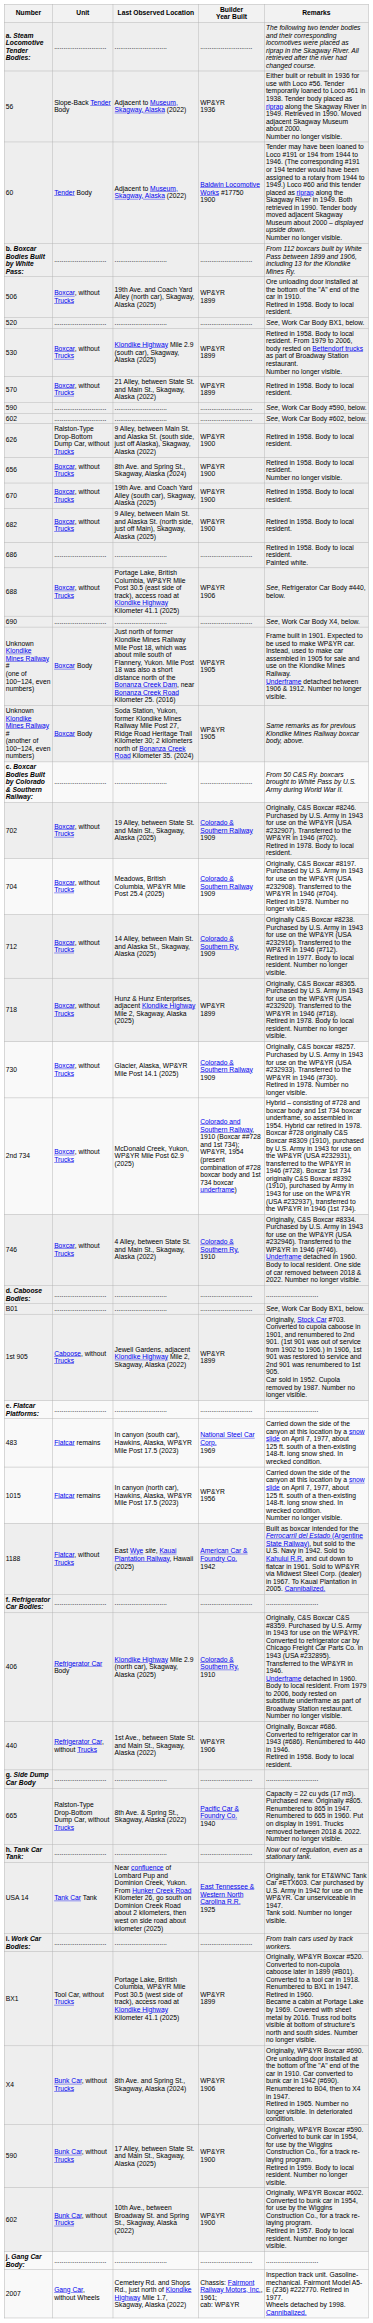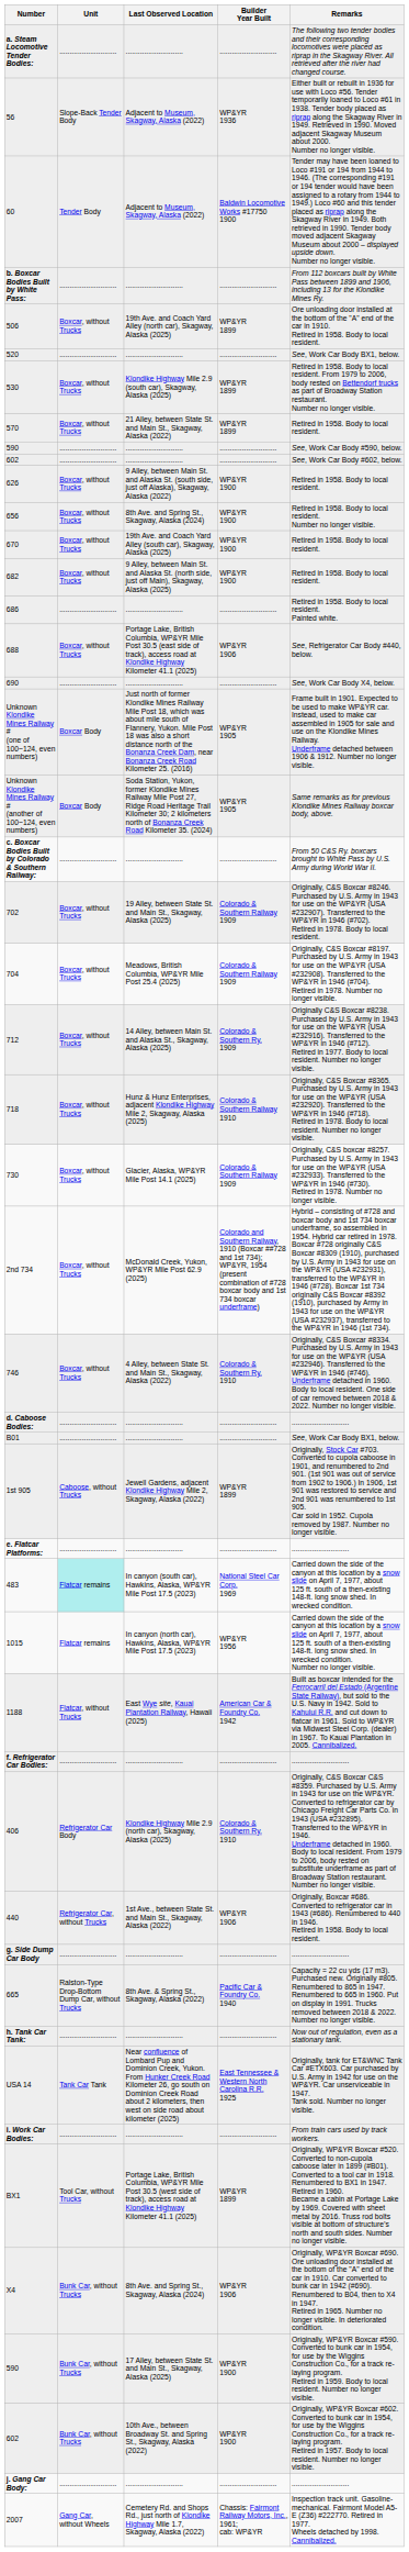 <table class="wikitable">
 <tr>
 <th>Number</th>
 <th>Unit</th>
 <th>Last Observed Location</th>
 <th>Builder<br>Year Built</th>
 <th>Remarks</th>
 </tr>
 <tr bgcolor=#EEEEEE>
 <td><strong>a.  <em>Steam Locomotive Tender Bodies:</em> </strong></td>
 <td>............................</td>
 <td>............................</td>
 <td>............................</td>
 <td><em>The following two tender bodies and their corresponding locomotives were placed as riprap in the Skagway River. All retrieved after the river had changed course.</em></td>
 </tr>
 <tr bgcolor=#EEEEEE>
 <td>56</td>
 <td>Slope-Back <a href='#'>Tender</a> Body</td>
 <td>Adjacent to <a href='#'>Museum, Skagway, Alaska</a> (2022)</td>
 <td>WP&YR<br>1936</td>
 <td>Either built or rebuilt in 1936 for use with Loco #56.  Tender temporarily loaned to Loco #61 in 1938.  Tender body placed as <a href='#'>riprap</a> along the Skagway River in 1949.  Retrieved in 1990.  Moved adjacent Skagway Museum about 2000.<br>Number no longer visible.</td>
 </tr>
 <tr bgcolor=#EEEEEE>
 <td>60</td>
 <td><a href='#'>Tender</a> Body</td>
 <td>Adjacent to <a href='#'>Museum, Skagway, Alaska</a> (2022)</td>
 <td><a href='#'>Baldwin Locomotive Works</a> #17750<br>1900</td>
 <td>Tender may have been loaned to Loco #191 or 194 from 1944 to 1946. (The corresponding #191 or 194 tender would have been assigned to a rotary from 1944 to 1949.)  Loco #60 and this tender placed as <a href='#'>riprap</a> along the Skagway River in 1949. Both retrieved in 1990. Tender body moved adjacent Skagway Museum about 2000 – <em>displayed upside down</em>.<br>Number no longer visible.</td>
 </tr>
 <tr bgcolor=#EEEEEE>
 <td><strong>b.  <em>Boxcar Bodies Built by White Pass:</em> </strong></td>
 <td>............................</td>
 <td>............................</td>
 <td>............................</td>
 <td><em>From 112 boxcars built by White Pass between 1899 and 1906, including 13 for the Klondike Mines Ry.</em></td>
 </tr>
 <tr bgcolor=#EEEEEE>
 <td>506</td>
 <td><a href='#'>Boxcar</a>, without <a href='#'>Trucks</a></td>
 <td>19th Ave. and Coach Yard Alley (north car), Skagway, Alaska (2025)</td>
 <td>WP&YR<br>1899</td>
 <td>Ore unloading door installed at the bottom of the "A" end of the car in 1910.<br>Retired in 1958. Body to local resident.</td>
 </tr>
 <tr bgcolor=#EEEEEE>
 <td>520</td>
 <td>............................</td>
 <td>............................</td>
 <td>............................</td>
 <td><em>See</em>, Work Car Body BX1, below.</td>
 </tr>
 <tr bgcolor=#EEEEEE>
 <td>530</td>
 <td><a href='#'>Boxcar</a>, without <a href='#'>Trucks</a></td>
 <td><a href='#'>Klondike Highway</a> Mile 2.9 (south car), Skagway, Alaska (2025)</td>
 <td>WP&YR<br>1899</td>
 <td>Retired in 1958.  Body to local resident.  From 1979 to 2006, body rested on <a href='#'>Bettendorf trucks</a> as part of Broadway Station restaurant.<br>Number no longer visible.</td>
 </tr>
 <tr bgcolor=#EEEEEE>
 <td>570</td>
 <td><a href='#'>Boxcar</a>, without <a href='#'>Trucks</a></td>
 <td>21 Alley, between State St. and Main St., Skagway, Alaska (2022)</td>
 <td>WP&YR<br>1899</td>
 <td>Retired in 1958.  Body to local resident.</td>
 </tr>
 <tr bgcolor=#EEEEEE>
 <td>590</td>
 <td>............................</td>
 <td>............................</td>
 <td>............................</td>
 <td><em>See</em>, Work Car Body #590, below.</td>
 </tr>
 <tr bgcolor=#EEEEEE>
 <td>602</td>
 <td>............................</td>
 <td>............................</td>
 <td>............................</td>
 <td><em>See</em>, Work Car Body #602, below.</td>
 </tr>
 <tr bgcolor=#EEEEEE>
 <td>626</td>
-<td>Ralston-Type Drop-Bottom Dump Car, without <a href='#'>Trucks</a></td>
+<td><a href='#'>Boxcar</a>, without <a href='#'>Trucks</a></td>
 <td>9 Alley, between Main St. and Alaska St. (south side, just off Alaska), Skagway, Alaska (2022)</td>
 <td>WP&YR<br>1900</td>
 <td>Retired in 1958.  Body to local resident.</td>
 </tr>
 <tr bgcolor=#EEEEEE>
 <td>656</td>
 <td><a href='#'>Boxcar</a>, without <a href='#'>Trucks</a></td>
 <td>8th Ave. and Spring St., Skagway, Alaska (2024)</td>
 <td>WP&YR<br>1900</td>
 <td>Retired in 1958.  Body to local resident.<br>Number no longer visible.</td>
 </tr>
 <tr bgcolor=#EEEEEE>
 <td>670</td>
 <td><a href='#'>Boxcar</a>, without <a href='#'>Trucks</a></td>
 <td>19th Ave. and Coach Yard Alley (south car), Skagway, Alaska (2025)</td>
 <td>WP&YR<br>1900</td>
 <td>Retired in 1958.  Body to local resident.</td>
 </tr>
 <tr bgcolor=#EEEEEE>
 <td>682</td>
 <td><a href='#'>Boxcar</a>, without <a href='#'>Trucks</a></td>
 <td>9 Alley, between Main St. and Alaska St. (north side, just off Main), Skagway, Alaska (2025)</td>
 <td>WP&YR<br>1900</td>
 <td>Retired in 1958.  Body to local resident.</td>
 </tr>
 <tr bgcolor=#EEEEEE>
 <td>686</td>
 <td>............................</td>
 <td>............................</td>
 <td>............................</td>
 <td>Retired in 1958.  Body to local resident.<br>Painted white.</td>
 </tr>
 <tr bgcolor=#EEEEEE>
 <td>688</td>
 <td><a href='#'>Boxcar</a>, without <a href='#'>Trucks</a></td>
 <td>Portage Lake, British Columbia, WP&YR Mile Post 30.5 (east side of track), access road at <a href='#'>Klondike Highway</a> Kilometer 41.1 (2025)</td>
 <td>WP&YR<br>1906</td>
 <td><em>See</em>, Refrigerator Car Body #440, below.</td>
 </tr>
 <tr bgcolor=#EEEEEE>
 <td>690</td>
 <td>............................</td>
 <td>............................</td>
 <td>............................</td>
 <td><em>See</em>, Work Car Body X4, below.</td>
 </tr>
 <tr bgcolor=#EEEEEE>
 <td>Unknown <a href='#'>Klondike Mines Railway</a> #<br>(one of 100~124, even numbers)</td>
 <td><a href='#'>Boxcar</a> Body</td>
 <td>Just north of former Klondike Mines Railway Mile Post 18, which was about  mile south of Flannery, Yukon.  Mile Post 18 was also a short distance north of the <a href='#'>Bonanza Creek Dam</a>, near <a href='#'>Bonanza Creek Road</a> Kilometer 25. (2016)</td>
 <td>WP&YR<br>1905</td>
 <td>Frame built in 1901. Expected to be used to make WP&YR car. Instead, used to make car assembled in 1905 for sale and use on the Klondike Mines Railway.<br><a href='#'>Underframe</a> detached between 1906 & 1912.  Number no longer visible.</td>
 </tr>
 <tr bgcolor=#EEEEEE>
 <td>Unknown <a href='#'>Klondike Mines Railway</a> #<br>(another of 100~124, even numbers)</td>
 <td><a href='#'>Boxcar</a> Body</td>
 <td>Soda Station, Yukon, former Klondike Mines Railway Mile Post 27, Ridge Road Heritage Trail Kilometer 30; 2 kilometers north of <a href='#'>Bonanza Creek Road</a> Kilometer 35. (2024)</td>
 <td>WP&YR<br>1905</td>
 <td><em>Same remarks as for previous Klondike Mines Railway boxcar body, above.</em></td>
 </tr>
 <tr>
 <td><strong>c.  <em>Boxcar Bodies Built by Colorado & Southern Railway:</em> </strong></td>
 <td>............................</td>
 <td>............................</td>
 <td>............................</td>
 <td><em>From 50 C&S Ry. boxcars brought to White Pass by U.S. Army during World War II.</em></td>
 </tr>
 <tr bgcolor=#EEEEEE>
 <td>702</td>
 <td><a href='#'>Boxcar</a>, without <a href='#'>Trucks</a></td>
 <td>19 Alley, between State St. and Main St., Skagway, Alaska (2025)</td>
 <td><a href='#'>Colorado & Southern Railway</a><br>1909</td>
 <td>Originally, C&S Boxcar #8246. Purchased by U.S. Army in 1943 for use on the WP&YR (USA #232907). Transferred to the WP&YR in 1946 (#702).<br>Retired in 1978. Body to local resident.</td>
 </tr>
 <tr>
 <td>704</td>
 <td><a href='#'>Boxcar</a>, without <a href='#'>Trucks</a></td>
 <td>Meadows, British Columbia, WP&YR Mile Post 25.4 (2025)</td>
 <td><a href='#'>Colorado & Southern Railway</a><br>1909</td>
 <td>Originally, C&S Boxcar #8197. Purchased by U.S. Army in 1943 for use on the WP&YR (USA #232908). Transferred to the WP&YR in 1946 (#704).<br>Retired in 1978.  Number no longer visible.</td>
 </tr>
 <tr bgcolor=#EEEEEE>
 <td>712</td>
 <td><a href='#'>Boxcar</a>, without <a href='#'>Trucks</a></td>
 <td>14 Alley, between Main St. and Alaska St., Skagway, Alaska (2025)</td>
 <td><a href='#'>Colorado & Southern Ry.</a><br>1909</td>
 <td>Originally C&S Boxcar #8238. Purchased by U.S. Army in 1943 for use on the WP&YR (USA #232916). Transferred to the WP&YR in 1946 (#712).<br>Retired in 1977. Body to local resident.  Number no longer visible.</td>
 </tr>
 <tr bgcolor=#EEEEEE>
 <td>718</td>
 <td><a href='#'>Boxcar</a>, without <a href='#'>Trucks</a></td>
 <td>Hunz & Hunz Enterprises, adjacent <a href='#'>Klondike Highway</a> Mile 2, Skagway, Alaska (2025)</td>
-<td>WP&YR<br>1899</td>
+<td><a href='#'>Colorado & Southern Railway</a><br>1910</td>
 <td>Originally, C&S Boxcar #8365. Purchased by U.S. Army in 1943 for use on the WP&YR (USA #232920). Transferred to the WP&YR in 1946 (#718).<br>Retired in 1978. Body to local resident.  Number no longer visible.</td>
 </tr>
 <tr>
 <td>730</td>
 <td><a href='#'>Boxcar</a>, without <a href='#'>Trucks</a></td>
 <td>Glacier, Alaska, WP&YR Mile Post 14.1 (2025)</td>
 <td><a href='#'>Colorado & Southern Railway</a><br>1909</td>
 <td>Originally, C&S boxcar #8257. Purchased by U.S. Army in 1943 for use on the WP&YR (USA #232933). Transferred to the WP&YR in 1946 (#730).<br>Retired in 1978.  Number no longer visible.</td>
 </tr>
 <tr>
 <td>2nd 734</td>
 <td><a href='#'>Boxcar</a>, without <a href='#'>Trucks</a></td>
 <td>McDonald Creek, Yukon, WP&YR Mile Post 62.9 (2025)</td>
 <td><a href='#'>Colorado and Southern Railway</a>, 1910 (Boxcar ##728 and 1st 734);<br>WP&YR, 1954 (present combination of #728 boxcar body and 1st 734 boxcar <a href='#'>underframe</a>)</td>
 <td>Hybrid – consisting of #728 and boxcar body and 1st 734 boxcar  underframe, so assembled in 1954.  Hybrid car retired in 1978.<br>Boxcar #728 originally C&S Boxcar #8309 (1910), purchased by U.S. Army in 1943 for use on the WP&YR (USA #232931), transferred to the WP&YR in 1946 (#728).  Boxcar 1st 734 originally C&S Boxcar #8392 (1910), purchased by Army in 1943 for use on the WP&YR (USA #232937), transferred to the WP&YR in 1946 (1st 734).</td>
 </tr>
 <tr bgcolor=#EEEEEE>
 <td>746</td>
 <td><a href='#'>Boxcar</a>, without <a href='#'>Trucks</a></td>
 <td>4 Alley, between State St. and Main St., Skagway, Alaska (2022)</td>
 <td><a href='#'>Colorado & Southern Ry.</a><br>1910</td>
 <td>Originally, C&S Boxcar #8334. Purchased by U.S. Army in 1943 for use on the WP&YR (USA #232946).  Transferred to the WP&YR in 1946 (#746).<br><a href='#'>Underframe</a> detached in 1960. Body to local resident. One side of car removed between 2018 & 2022.  Number no longer visible.</td>
 </tr>
 <tr bgcolor=#EEEEEE>
 <td><strong>d.  <em>Caboose Bodies:</em> </strong></td>
 <td>............................</td>
 <td>............................</td>
 <td>............................</td>
 <td>............................</td>
 </tr>
 <tr bgcolor=#EEEEEE>
 <td>B01</td>
 <td>............................</td>
 <td>............................</td>
 <td>............................</td>
 <td><em>See</em>, Work Car Body BX1, below.</td>
 </tr>
 <tr bgcolor=#EEEEEE>
 <td>1st 905</td>
 <td><a href='#'>Caboose</a>, without <a href='#'>Trucks</a></td>
 <td>Jewell Gardens, adjacent <a href='#'>Klondike Highway</a> Mile 2, Skagway, Alaska (2022)</td>
 <td>WP&YR<br>1899</td>
 <td>Originally, <a href='#'>Stock Car</a> #703. Converted to cupola caboose in 1901, and renumbered to 2nd 901. (1st 901 was out of service from 1902 to 1906.) In 1906, 1st 901 was restored to service and 2nd 901 was renumbered to 1st 905.<br>Car sold in 1952. Cupola removed by 1987.  Number no longer visible.</td>
 </tr>
 <tr>
 <td><strong>e.  <em>Flatcar Platforms:</em> </strong></td>
 <td>............................</td>
 <td>............................</td>
 <td>............................</td>
 <td>............................</td>
 </tr>
 <tr>
 <td>483</td>
-<td><a href='#'>Flatcar</a> remains</td>
+<td style="background: paleturquoise;"><a href='#'>Flatcar</a> remains</td>
 <td>In canyon (south car), Hawkins, Alaska, WP&YR Mile Post 17.5 (2023)</td>
 <td><a href='#'>National Steel Car Corp.</a><br>1969</td>
 <td>Carried down the side of the canyon at this location by a <a href='#'>snow slide</a> on April 7, 1977, about 125 ft. south of a then-existing 148-ft. long snow shed. In wrecked condition.</td>
 </tr>
 <tr>
 <td>1015</td>
 <td><a href='#'>Flatcar</a> remains</td>
 <td>In canyon (north car), Hawkins, Alaska, WP&YR Mile Post 17.5 (2023)</td>
 <td>WP&YR<br>1956</td>
 <td>Carried down the side of the canyon at this location by a <a href='#'>snow slide</a> on April 7, 1977, about 125 ft. south of a then-existing 148-ft. long snow shed.  In wrecked condition.<br>Number no longer visible.</td>
 </tr>
 <tr bgcolor=#EEEEEE>
 <td>1188</td>
 <td><a href='#'>Flatcar</a>, without <a href='#'>Trucks</a></td>
 <td>East <a href='#'>Wye</a> <em>site</em>, <a href='#'>Kauai Plantation Railway</a>, Hawaii (2025)</td>
 <td><a href='#'>American Car & Foundry Co.</a><br>1942</td>
 <td>Built as boxcar intended for the <a href='#'><em>Ferrocarril del Estado</em> (Argentine State Railway)</a>, but sold to the U.S. Navy in 1942. Sold to <a href='#'>Kahului R.R.</a> and cut down to flatcar in 1961. Sold to WP&YR via Midwest Steel Corp. (dealer) in 1967. To Kauai Plantation in 2005. <a href='#'>Cannibalized.</a></td>
 </tr>
 <tr bgcolor=#EEEEEE>
 <td><strong>f.  <em>Refrigerator Car Bodies:</em> </strong></td>
 <td>............................</td>
 <td>............................</td>
 <td>............................</td>
 <td>............................</td>
 </tr>
 <tr bgcolor=#EEEEEE>
 <td>406</td>
 <td><a href='#'>Refrigerator Car</a> Body</td>
 <td><a href='#'>Klondike Highway</a> Mile 2.9 (north car), Skagway, Alaska (2025)</td>
 <td><a href='#'>Colorado & Southern Ry.</a><br>1910</td>
 <td>Originally, C&S Boxcar C&S #8359.  Purchased by U.S. Army in 1943 for use on the WP&YR.  Converted to refrigerator car by Chicago Freight Car Parts Co. in 1943 (USA #232895). Transferred to the WP&YR in 1946.<br><a href='#'>Underframe</a> detached in 1960.  Body to local resident.  From 1979 to 2006, body rested on substitute underframe as part of Broadway Station restaurant.  Number no longer visible.</td>
 </tr>
 <tr bgcolor=#EEEEEE>
 <td>440</td>
 <td><a href='#'>Refrigerator Car</a>, without <a href='#'>Trucks</a></td>
 <td>1st Ave., between State St. and Main St., Skagway, Alaska (2022)</td>
 <td>WP&YR<br>1906</td>
 <td>Originally, Boxcar #686.  Converted to refrigerator car in 1943 (#686). Renumbered to 440 in 1946.<br>Retired in 1958.  Body to local resident.</td>
 </tr>
 <tr bgcolor=#EEEEEE>
 <td><strong>g.  <em>Side Dump Car Body</em> </strong></td>
 <td>............................</td>
 <td>............................</td>
 <td>............................</td>
 <td>............................</td>
 </tr>
 <tr bgcolor=#EEEEEE>
 <td>665</td>
 <td>Ralston-Type Drop-Bottom Dump Car, without <a href='#'>Trucks</a></td>
 <td>8th Ave. & Spring St., Skagway, Alaska (2022)</td>
 <td><a href='#'>Pacific Car & Foundry Co.</a><br>1940</td>
 <td>Capacity = 22 cu yds (17 m3). Purchased new. Originally #805. Renumbered to 865 in 1947. Renumbered to 665 in 1960. Put on display in 1991. Trucks removed between 2018 & 2022.<br>Number no longer visible.</td>
 </tr>
 <tr bgcolor=#EEEEEE>
 <td><strong>h.  <em>Tank Car Tank:</em> </strong></td>
 <td>............................</td>
 <td>............................</td>
 <td>............................</td>
 <td><em>Now out of regulation, even as a stationary tank.</em></td>
 </tr>
 <tr bgcolor=#EEEEEE>
 <td>USA 14</td>
 <td><a href='#'>Tank Car</a> Tank</td>
 <td>Near <a href='#'>confluence</a> of Lombard Pup and Dominion Creek, Yukon. From <a href='#'>Hunker Creek Road</a> Kilometer 26, go south on Dominion Creek Road about 2 kilometers, then west on side road about  kilometer (2025)</td>
 <td><a href='#'>East Tennessee & Western North Carolina R.R.</a><br>1925</td>
 <td>Originally, tank for ET&WNC Tank Car #ETX603.  Car purchased by U.S. Army in 1942 for use on the WP&YR. Car unserviceable in 1947.<br>Tank sold.  Number no longer visible.</td>
 </tr>
 <tr bgcolor=#EEEEEE>
 <td><strong>i.  <em>Work Car Bodies:</em> </strong></td>
 <td>............................</td>
 <td>............................</td>
 <td>............................</td>
 <td><em>From train cars used by track workers.</em></td>
 </tr>
 <tr bgcolor=#EEEEEE>
 <td>BX1</td>
 <td>Tool Car, without <a href='#'>Trucks</a></td>
 <td>Portage Lake, British Columbia, WP&YR Mile Post 30.5 (west side of track), access road at <a href='#'>Klondike Highway</a> Kilometer 41.1 (2025)</td>
 <td>WP&YR<br>1899</td>
 <td>Originally, WP&YR Boxcar #520. Converted to non-cupola caboose later in 1899 (#B01).  Converted to a tool car in 1918.  Renumbered to BX1 in 1947.  Retired in 1960.<br>Became a cabin at Portage Lake by 1969.  Covered with sheet metal by 2016.  Truss rod bolts visible at bottom of structure’s north and south sides.  Number no longer visible.</td>
 </tr>
 <tr bgcolor=#EEEEEE>
 <td>X4</td>
 <td><a href='#'>Bunk Car</a>, without <a href='#'>Trucks</a></td>
 <td>8th Ave. and Spring St., Skagway, Alaska (2024)</td>
 <td>WP&YR<br>1906</td>
 <td>Originally, WP&YR Boxcar #690. Ore unloading door installed at the bottom of the "A" end of the car in 1910. Car converted to bunk car in 1942 (#690). Renumbered to B04, then to X4 in 1947.<br>Retired in 1965.  Number no longer visible.  In deteriorated condition.</td>
 </tr>
 <tr bgcolor=#EEEEEE>
 <td>590</td>
 <td><a href='#'>Bunk Car</a>, without <a href='#'>Trucks</a></td>
 <td>17 Alley, between State St. and Main St., Skagway, Alaska (2025)</td>
 <td>WP&YR<br>1900</td>
 <td>Originally, WP&YR Boxcar #590.  Converted to bunk car in 1954, for use by the Wiggins Construction Co., for a track re-laying program.<br>Retired in 1959.  Body to local resident.  Number no longer visible.</td>
 </tr>
 <tr bgcolor=#EEEEEE>
 <td>602</td>
 <td><a href='#'>Bunk Car</a>, without <a href='#'>Trucks</a></td>
 <td>10th Ave., between Broadway St. and Spring St., Skagway, Alaska (2022)</td>
 <td>WP&YR<br>1900</td>
 <td>Originally, WP&YR Boxcar #602.  Converted to bunk car in 1954, for use by the Wiggins Construction Co., for a track re-laying program.<br>Retired in 1957.  Body to local resident.  Number no longer visible.</td>
 </tr>
 <tr>
 <td><strong>j.  <em>Gang Car Body:</em> </strong></td>
 <td>............................</td>
 <td>............................</td>
 <td>............................</td>
 <td>............................</td>
 </tr>
 <tr>
 <td>2007</td>
 <td><a href='#'>Gang Car</a>,<br>without Wheels</td>
 <td>Cemetery Rd. and Shops Rd., just north of <a href='#'>Klondike Highway</a> Mile 1.7, Skagway, Alaska (2022)</td>
 <td>Chassis: <a href='#'>Fairmont Railway Motors, Inc.</a>, 1961;<br>cab: WP&YR</td>
 <td>Inspection track unit. Gasoline-mechanical. Fairmont Model A5-E (Z36) #222770.  Retired in 1977.<br>Wheels detached by 1998. <a href='#'>Cannibalized.</a></td>
 </tr>
 </table>
